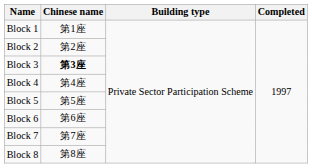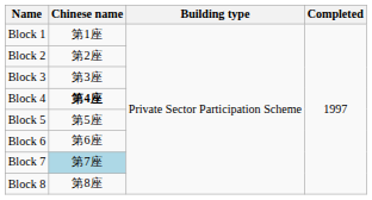 <table class="wikitable" style="text-align: center">
 <tr>
 <th>Name</th>
 <th>Chinese name</th>
 <th>Building type</th>
 <th>Completed</th>
 </tr>
 <tr>
 <td>Block 1</td>
 <td>第1座</td>
 <td rowspan="8">Private Sector Participation Scheme</td>
 <td rowspan="8">1997</td>
 </tr>
 <tr>
 <td>Block 2</td>
 <td>第2座</td>
 </tr>
 <tr>
 <td>Block 3</td>
-<td><strong>第3座</strong></td>
+<td>第3座</td>
 </tr>
 <tr>
 <td>Block 4</td>
-<td>第4座</td>
+<td><strong>第4座</strong></td>
 </tr>
 <tr>
 <td>Block 5</td>
 <td>第5座</td>
 </tr>
 <tr>
 <td>Block 6</td>
 <td>第6座</td>
 </tr>
 <tr>
 <td>Block 7</td>
-<td>第7座</td>
+<td style="background: lightblue;">第7座</td>
 </tr>
 <tr>
 <td>Block 8</td>
 <td>第8座</td>
 </tr>
 </table>
